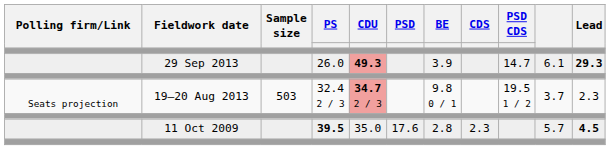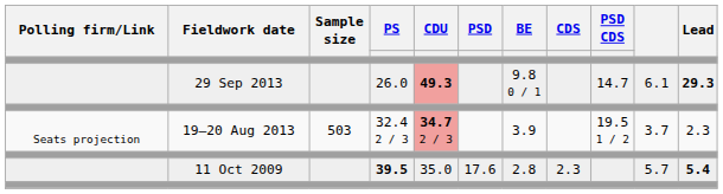 <table class="wikitable collapsible sortable" style="text-align:center; font-size:95%; line-height:16px;">
 <tr style="height:42px;">
 <th style="width:145px;" rowspan="2">Polling firm/Link</th>
 <th style="width:125px;" rowspan="2">Fieldwork date</th>
 <th class="unsortable" style="width:50px;" rowspan="2">Sample size</th>
 <th class="unsortable" style="width:35px;"><a href='#'>PS</a></th>
 <th class="unsortable" style="width:35px;"><a href='#'>CDU</a></th>
 <th class="unsortable" style="width:35px;"><a href='#'>PSD</a></th>
 <th class="unsortable" style="width:35px;"><a href='#'>BE</a></th>
 <th class="unsortable" style="width:35px;"><a href='#'>CDS</a></th>
 <th class="unsortable" style="width:35px;"><a href='#'>PSD</a><br><a href='#'>CDS</a></th>
 <th class="unsortable" style="width:35px;" rowspan="2"></th>
 <th class="unsortable" style="width:30px;" rowspan="2">Lead</th>
 </tr>
 <tr>
 <th class="unsortable" style="color:inherit;background:"></th>
 <th class="unsortable" style="color:inherit;background:"></th>
 <th class="unsortable" style="color:inherit;background:"></th>
 <th class="unsortable" style="color:inherit;background:"></th>
 <th class="unsortable" style="color:inherit;background:"></th>
 <th class="unsortable" style="color:inherit;background:"></th>
 </tr>
 <tr>
 <td colspan="13" style="background:#A0A0A0"></td>
 </tr>
 <tr style="background:#EFEFEF;">
 <td><strong></strong></td>
 <td data-sort-value="2019-10-06">29 Sep 2013</td>
 <td></td>
 <td>26.0<br></td>
 <td style="background:#F1A09E"><strong>49.3</strong><br></td>
 <td></td>
-<td>3.9<br></td>
+<td align="center">9.8<br><small>0 / 1</small></td>
 <td></td>
 <td>14.7<br></td>
 <td>6.1</td>
 <td style="background:"><strong>29.3</strong></td>
 </tr>
 <tr>
 <td colspan="13" style="background:#A0A0A0"></td>
 </tr>
 <tr>
 <td align="center"><br><small>Seats projection</small></td>
 <td align="center">19–20 Aug 2013</td>
 <td>503</td>
 <td align="center">32.4<br><small>2 / 3 </small></td>
 <td style="background:#F1A09E"><strong>34.7</strong><br><small>2 / 3</small></td>
 <td></td>
-<td align="center">9.8<br><small>0 / 1</small></td>
+<td>3.9<br></td>
 <td></td>
 <td align="center">19.5<br><small>1 / 2 </small></td>
 <td align="center">3.7</td>
 <td style="background:">2.3</td>
 </tr>
 <tr>
 <td colspan="13" style="background:#A0A0A0"></td>
 </tr>
 <tr style="background:#EFEFEF;">
 <td><strong></strong></td>
 <td data-sort-value="2019-10-06">11 Oct 2009</td>
 <td></td>
 <td><strong>39.5</strong><br></td>
 <td>35.0<br></td>
 <td>17.6<br></td>
 <td>2.8<br></td>
 <td>2.3<br></td>
 <td></td>
 <td>5.7</td>
-<td style="background:"><strong>4.5</strong></td>
+<td style="background:"><strong>5.4</strong></td>
 </tr>
 <tr>
 <td colspan="13" style="background:#A0A0A0"></td>
 </tr>
 <tr>
 </tr>
 </table>
